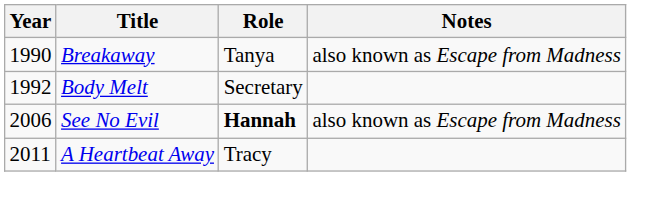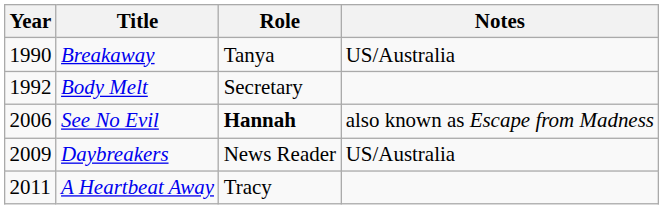 <table class="wikitable">
 <tr>
 <th>Year</th>
 <th>Title</th>
 <th>Role</th>
 <th>Notes</th>
 </tr>
 <tr>
 <td>1990</td>
 <td><em><a href='#'>Breakaway</a></em></td>
 <td>Tanya</td>
-<td>also known as <em>Escape from Madness</em></td>
+<td>US/Australia</td>
 </tr>
 <tr>
 <td>1992</td>
 <td><em><a href='#'>Body Melt</a></em></td>
 <td>Secretary</td>
 <td></td>
 </tr>
 <tr>
 <td>2006</td>
 <td><em><a href='#'>See No Evil</a></em></td>
 <td><strong>Hannah</strong></td>
 <td>also known as <em>Escape from Madness</em></td>
 </tr>
 <tr>
+<td>2009</td>
+<td><em><a href='#'>Daybreakers</a></em></td>
+<td>News Reader</td>
+<td>US/Australia</td>
+</tr>
+<tr>
 <td>2011</td>
 <td><em><a href='#'>A Heartbeat Away</a></em></td>
 <td>Tracy</td>
 <td></td>
 </tr>
 </table>
